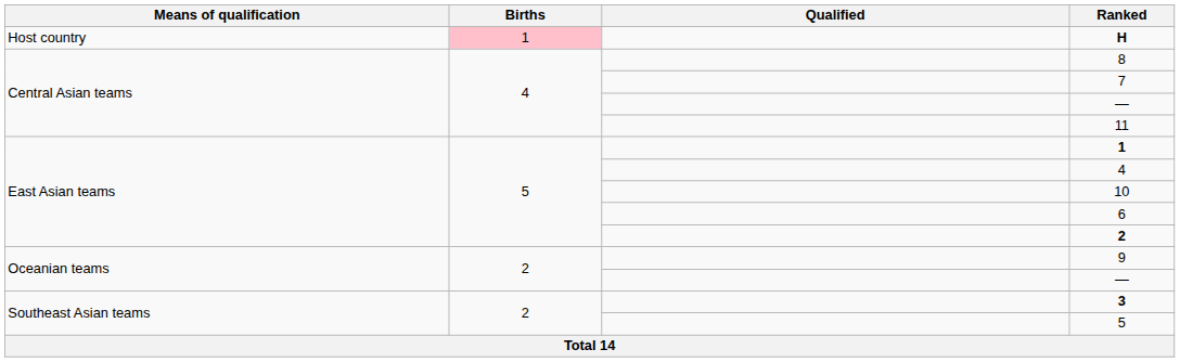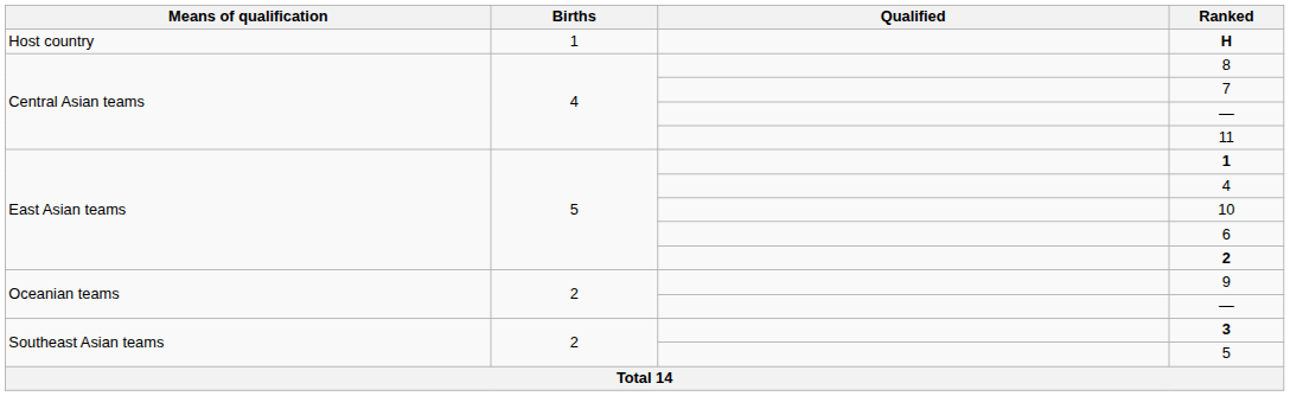 <table class="wikitable" style="margin:0; width:68%;">
 <tr>
 <th style="margin:0; width:38%;">Means of qualification</th>
 <th style="margin:0; width:13%;">Births</th>
 <th style="margin:0; width:40%;">Qualified</th>
 <th style="margin:0; width:15%;">Ranked</th>
 </tr>
 <tr>
 <td>Host country</td>
-<td align=center style="background: pink;">1</td>
+<td align=center>1</td>
 <td><strong></strong></td>
 <td align=center><strong>H</strong></td>
 </tr>
 <tr>
 <td rowspan=4>Central Asian teams</td>
 <td rowspan=4 align=center>4</td>
 <td></td>
 <td align=center>8</td>
 </tr>
 <tr>
 <td></td>
 <td align=center>7</td>
 </tr>
 <tr>
 <td></td>
 <td align=center>—</td>
 </tr>
 <tr>
 <td></td>
 <td align=center>11</td>
 </tr>
 <tr>
 <td rowspan=5>East Asian teams</td>
 <td rowspan=5 align=center>5</td>
 <td><strong></strong></td>
 <td align=center><strong>1</strong></td>
 </tr>
 <tr>
 <td></td>
 <td align=center>4</td>
 </tr>
 <tr>
 <td></td>
 <td align=center>10</td>
 </tr>
 <tr>
 <td></td>
 <td align=center>6</td>
 </tr>
 <tr>
 <td><strong></strong></td>
 <td align=center><strong>2</strong></td>
 </tr>
 <tr>
 <td rowspan=2>Oceanian teams</td>
 <td rowspan=2 align=center>2</td>
 <td></td>
 <td align=center>9</td>
 </tr>
 <tr>
 <td></td>
 <td align=center>—</td>
 </tr>
 <tr>
 <td rowspan=2>Southeast Asian teams</td>
 <td rowspan=2 align=center>2</td>
 <td><strong></strong></td>
 <td align=center><strong>3</strong></td>
 </tr>
 <tr>
 <td></td>
 <td align=center>5</td>
 </tr>
 <tr>
 <th colspan=4>Total 14</th>
 </tr>
 </table>
